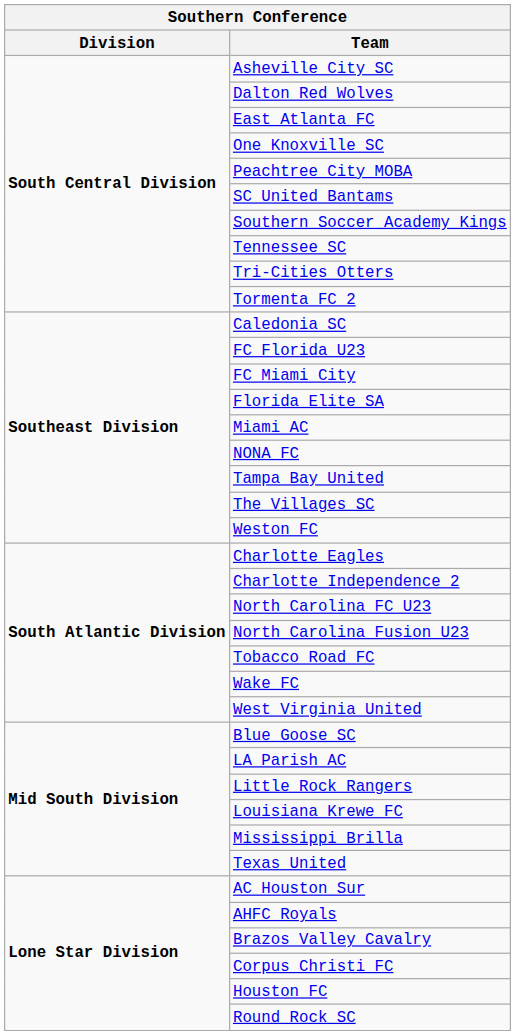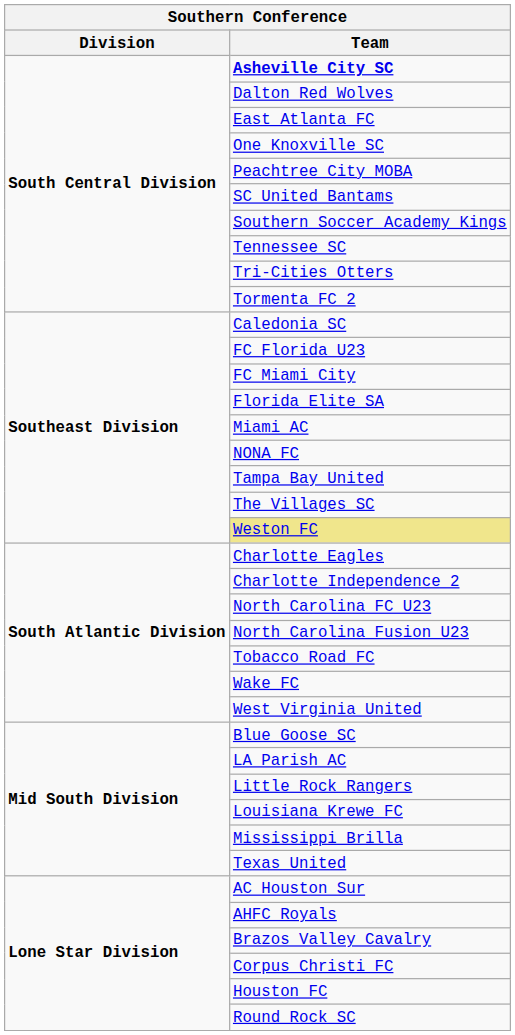 <table class="wikitable" style="text-align:left">
 <tr>
 <th colspan=3>Southern Conference</th>
 </tr>
 <tr>
 <th>Division</th>
 <th>Team</th>
 </tr>
 <tr>
 <td rowspan=10><strong>South Central Division</strong></td>
-<td><a href='#'>Asheville City SC</a></td>
+<td><strong><a href='#'>Asheville City SC</a></strong></td>
 </tr>
 <tr>
 <td><a href='#'>Dalton Red Wolves</a></td>
 </tr>
 <tr>
 <td><a href='#'>East Atlanta FC</a></td>
 </tr>
 <tr>
 <td><a href='#'>One Knoxville SC</a></td>
 </tr>
 <tr>
 <td><a href='#'>Peachtree City MOBA</a></td>
 </tr>
 <tr>
 <td><a href='#'>SC United Bantams</a></td>
 </tr>
 <tr>
 <td><a href='#'>Southern Soccer Academy Kings</a></td>
 </tr>
 <tr>
 <td><a href='#'>Tennessee SC</a></td>
 </tr>
 <tr>
 <td><a href='#'>Tri-Cities Otters</a></td>
 </tr>
 <tr>
 <td><a href='#'>Tormenta FC 2</a></td>
 </tr>
 <tr>
 <td rowspan=9><strong>Southeast Division</strong></td>
 <td><a href='#'>Caledonia SC</a></td>
 </tr>
 <tr>
 <td><a href='#'>FC Florida U23</a></td>
 </tr>
 <tr>
 <td><a href='#'>FC Miami City</a></td>
 </tr>
 <tr>
 <td><a href='#'>Florida Elite SA</a></td>
 </tr>
 <tr>
 <td><a href='#'>Miami AC</a></td>
 </tr>
 <tr>
 <td><a href='#'>NONA FC</a></td>
 </tr>
 <tr>
 <td><a href='#'>Tampa Bay United</a></td>
 </tr>
 <tr>
 <td><a href='#'>The Villages SC</a></td>
 </tr>
 <tr>
-<td><a href='#'>Weston FC</a></td>
+<td style="background: khaki;"><a href='#'>Weston FC</a></td>
 </tr>
 <tr>
 <td rowspan=7><strong>South Atlantic Division</strong></td>
 <td><a href='#'>Charlotte Eagles</a></td>
 </tr>
 <tr>
 <td><a href='#'>Charlotte Independence 2</a></td>
 </tr>
 <tr>
 <td><a href='#'>North Carolina FC U23</a></td>
 </tr>
 <tr>
 <td><a href='#'>North Carolina Fusion U23</a></td>
 </tr>
 <tr>
 <td><a href='#'>Tobacco Road FC</a></td>
 </tr>
 <tr>
 <td><a href='#'>Wake FC</a></td>
 </tr>
 <tr>
 <td><a href='#'>West Virginia United</a></td>
 </tr>
 <tr>
 <td rowspan=6><strong>Mid South Division</strong></td>
 <td><a href='#'>Blue Goose SC</a></td>
 </tr>
 <tr>
 <td><a href='#'>LA Parish AC</a></td>
 </tr>
 <tr>
 <td><a href='#'>Little Rock Rangers</a></td>
 </tr>
 <tr>
 <td><a href='#'>Louisiana Krewe FC</a></td>
 </tr>
 <tr>
 <td><a href='#'>Mississippi Brilla</a></td>
 </tr>
 <tr>
 <td><a href='#'>Texas United</a></td>
 </tr>
 <tr>
 <td rowspan=6><strong>Lone Star Division</strong></td>
 <td><a href='#'>AC Houston Sur</a></td>
 </tr>
 <tr>
 <td><a href='#'>AHFC Royals</a></td>
 </tr>
 <tr>
 <td><a href='#'>Brazos Valley Cavalry</a></td>
 </tr>
 <tr>
 <td><a href='#'>Corpus Christi FC</a></td>
 </tr>
 <tr>
 <td><a href='#'>Houston FC</a></td>
 </tr>
 <tr>
 <td><a href='#'>Round Rock SC</a></td>
 </tr>
 <tr>
 </tr>
 </table>
